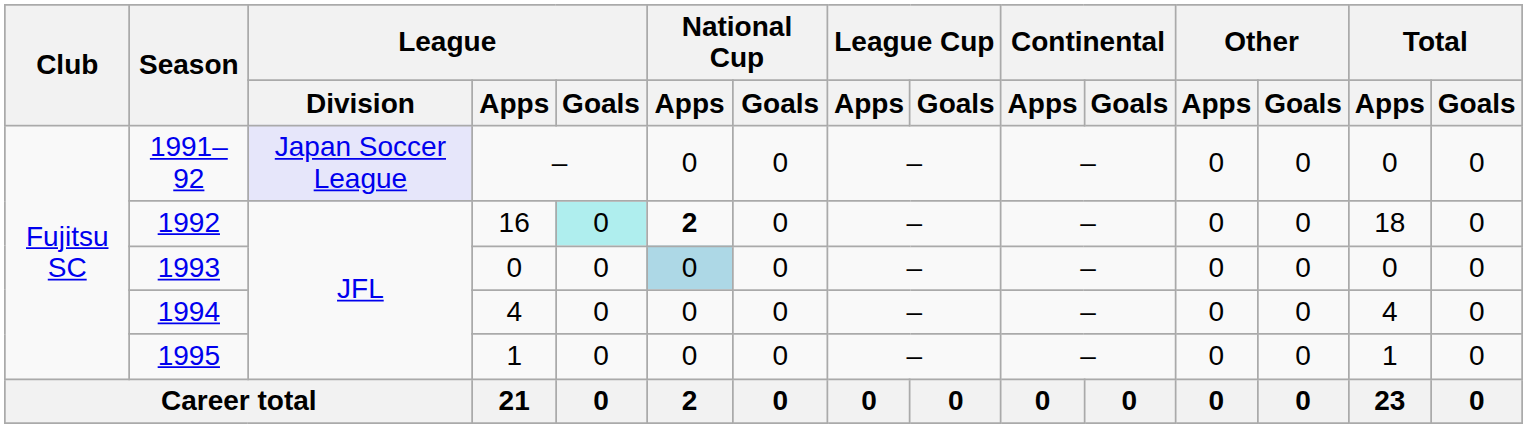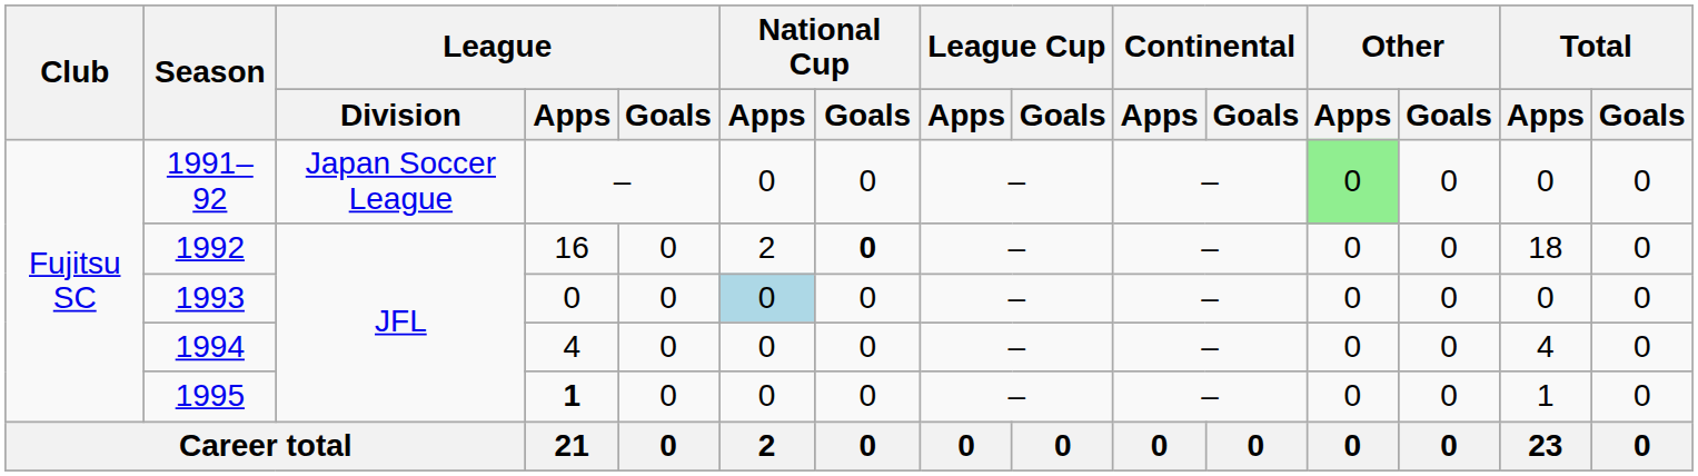 <table class="wikitable" style="text-align: center">
 <tr>
 <th rowspan="2">Club</th>
 <th rowspan="2">Season</th>
 <th colspan="3">League</th>
 <th colspan="2">National Cup</th>
 <th colspan="2">League Cup</th>
 <th colspan="2">Continental</th>
 <th colspan="2">Other</th>
 <th colspan="2">Total</th>
 </tr>
 <tr>
 <th>Division</th>
 <th>Apps</th>
 <th>Goals</th>
 <th>Apps</th>
 <th>Goals</th>
 <th>Apps</th>
 <th>Goals</th>
 <th>Apps</th>
 <th>Goals</th>
 <th>Apps</th>
 <th>Goals</th>
 <th>Apps</th>
 <th>Goals</th>
 </tr>
 <tr>
 <td rowspan="5"><a href='#'>Fujitsu SC</a></td>
 <td><a href='#'>1991–92</a></td>
-<td style="background: lavender;"><a href='#'>Japan Soccer League</a></td>
+<td><a href='#'>Japan Soccer League</a></td>
 <td colspan="2">–</td>
 <td>0</td>
 <td>0</td>
 <td colspan="2">–</td>
 <td colspan="2">–</td>
-<td>0</td>
+<td style="background: lightgreen;">0</td>
 <td>0</td>
 <td>0</td>
 <td>0</td>
 </tr>
 <tr>
 <td><a href='#'>1992</a></td>
 <td rowspan="4"><a href='#'>JFL</a></td>
 <td>16</td>
-<td style="background: paleturquoise;">0</td>
-<td><strong>2</strong></td>
 <td>0</td>
+<td>2</td>
+<td><strong>0</strong></td>
 <td colspan="2">–</td>
 <td colspan="2">–</td>
 <td>0</td>
 <td>0</td>
 <td>18</td>
 <td>0</td>
 </tr>
 <tr>
 <td><a href='#'>1993</a></td>
 <td>0</td>
 <td>0</td>
 <td style="background: lightblue;">0</td>
 <td>0</td>
 <td colspan="2">–</td>
 <td colspan="2">–</td>
 <td>0</td>
 <td>0</td>
 <td>0</td>
 <td>0</td>
 </tr>
 <tr>
 <td><a href='#'>1994</a></td>
 <td>4</td>
 <td>0</td>
 <td>0</td>
 <td>0</td>
 <td colspan="2">–</td>
 <td colspan="2">–</td>
 <td>0</td>
 <td>0</td>
 <td>4</td>
 <td>0</td>
 </tr>
 <tr>
 <td><a href='#'>1995</a></td>
-<td>1</td>
+<td><strong>1</strong></td>
 <td>0</td>
 <td>0</td>
 <td>0</td>
 <td colspan="2">–</td>
 <td colspan="2">–</td>
 <td>0</td>
 <td>0</td>
 <td>1</td>
 <td>0</td>
 </tr>
 <tr>
 <th colspan=3>Career total</th>
 <th>21</th>
 <th>0</th>
 <th>2</th>
 <th>0</th>
 <th>0</th>
 <th>0</th>
 <th>0</th>
 <th>0</th>
 <th>0</th>
 <th>0</th>
 <th>23</th>
 <th>0</th>
 </tr>
 </table>
